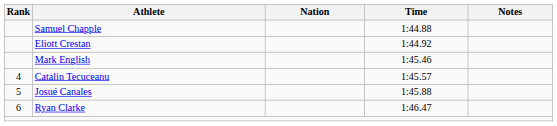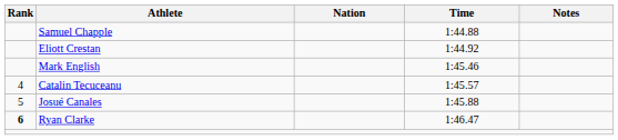 <table class="wikitable sortable" style="text-align:center;width: 55%;">
 <tr>
 <th scope="col" style="width: 10px;">Rank</th>
 <th scope="col">Athlete</th>
 <th scope="col">Nation</th>
 <th scope="col">Time</th>
 <th scope="col">Notes</th>
 </tr>
 <tr>
 <td></td>
 <td align=left><a href='#'>Samuel Chapple</a></td>
 <td align=left></td>
 <td>1:44.88</td>
 <td></td>
 </tr>
 <tr>
 <td></td>
 <td align=left><a href='#'>Eliott Crestan</a></td>
 <td align=left></td>
 <td>1:44.92</td>
 <td></td>
 </tr>
 <tr>
 <td></td>
 <td align=left><a href='#'>Mark English</a></td>
 <td align=left></td>
 <td>1:45.46</td>
 <td></td>
 </tr>
 <tr>
 <td>4</td>
 <td align=left><a href='#'>Catalin Tecuceanu</a></td>
 <td align=left></td>
 <td>1:45.57</td>
 <td></td>
 </tr>
 <tr>
 <td>5</td>
 <td align=left><a href='#'>Josué Canales</a></td>
 <td align=left></td>
 <td>1:45.88</td>
 <td></td>
 </tr>
 <tr>
-<td>6</td>
+<td><strong>6</strong></td>
 <td align=left><a href='#'>Ryan Clarke</a></td>
 <td align=left></td>
 <td>1:46.47</td>
 <td></td>
 </tr>
 <tr class="sortbottom">
 <td colspan="5"></td>
 </tr>
 </table>
